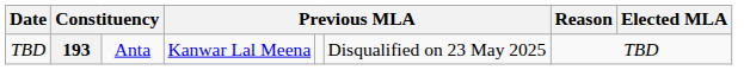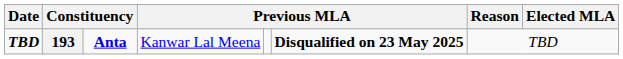 <table class="wikitable sortable" style="text-align:center;">
 <tr>
 <th>Date</th>
 <th colspan="2">Constituency</th>
 <th colspan="3">Previous MLA</th>
 <th>Reason</th>
 <th colspan="3">Elected MLA</th>
 </tr>
 <tr>
-<td><em>TBD</em></td>
+<td><strong><em>TBD</em></strong></td>
 <th>193</th>
-<td><a href='#'>Anta</a></td>
+<td><strong><a href='#'>Anta</a></strong></td>
 <td><a href='#'>Kanwar Lal Meena</a></td>
 <td></td>
-<td>Disqualified on 23 May 2025</td>
+<td><strong>Disqualified on 23 May 2025</strong></td>
 <td colspan=3><em>TBD</em></td>
 </tr>
 </table>
